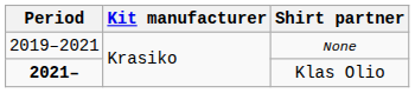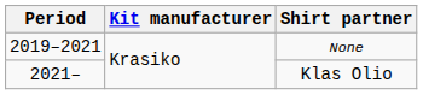 <table class="wikitable" style="text-align: center">
 <tr>
 <th>Period</th>
 <th><a href='#'>Kit</a> manufacturer</th>
 <th>Shirt partner</th>
 </tr>
 <tr>
 <td>2019–2021</td>
 <td align="Left" rowspan=2> Krasiko</td>
 <td><small><em>None</em></small></td>
 </tr>
 <tr>
-<td><strong>2021–</strong></td>
+<td>2021–</td>
 <td align="Center" rowspan=1>Klas Olio</td>
 </tr>
 </table>
